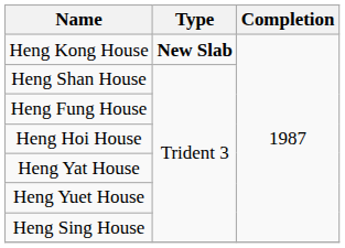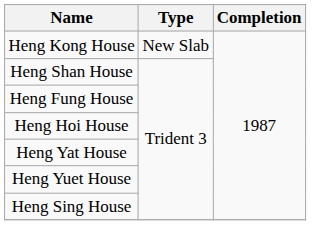 <table class="wikitable" style="text-align: center">
 <tr>
 <th>Name</th>
 <th>Type</th>
 <th>Completion</th>
 </tr>
 <tr>
 <td>Heng Kong House</td>
-<td rowspan="1"><strong>New Slab</strong></td>
+<td rowspan="1">New Slab</td>
 <td rowspan="7">1987</td>
 </tr>
 <tr>
 <td>Heng Shan House</td>
 <td rowspan="6">Trident 3</td>
 </tr>
 <tr>
 <td>Heng Fung House</td>
 </tr>
 <tr>
 <td>Heng Hoi House</td>
 </tr>
 <tr>
 <td>Heng Yat House</td>
 </tr>
 <tr>
 <td>Heng Yuet House</td>
 </tr>
 <tr>
 <td>Heng Sing House</td>
 </tr>
 <tr>
 </tr>
 </table>
